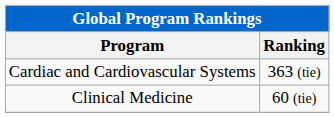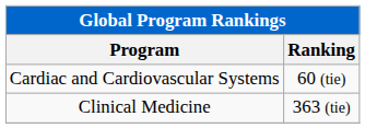 <table class="wikitable sortable collapsible collapsed" style="float:right; clear:right; text-align:center">
 <tr>
 <th colspan=4 style="background:#0066cc; color:#ffffff; ">Global Program Rankings</th>
 </tr>
 <tr>
 <th>Program</th>
 <th>Ranking</th>
 </tr>
 <tr>
 <td>Cardiac and Cardiovascular Systems</td>
-<td>363 <small>(tie)</small></td>
+<td>60 <small>(tie)</small></td>
 </tr>
 <tr>
 <td>Clinical Medicine</td>
-<td>60 <small>(tie)</small></td>
+<td>363 <small>(tie)</small></td>
 </tr>
 <tr>
 </tr>
 </table>
